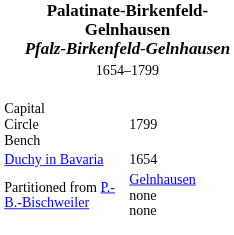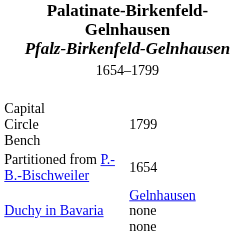 <table align="right" class="toccolours">
 <tr>
 <td colspan=2 align="center"><big><strong>Palatinate-Birkenfeld-Gelnhausen<br><em>Pfalz-Birkenfeld-Gelnhausen<strong><em></big></td>
 </tr>
 <tr>
 <td colspan=2 align="center"></strong>1654–1799<strong></td>
 </tr>
 <tr>
 <td><br></td>
 </tr>
 <tr>
 <td width=138px></strong>Capital<br>Circle<br>Bench<strong></td>
 <td>1799</td>
 </tr>
 <tr>
-<td><a href='#'>Duchy in Bavaria</a></td>
+<td>Partitioned from <a href='#'>P.-B.-Bischweiler</a></td>
 <td>1654</td>
 </tr>
 <tr>
-<td>Partitioned from <a href='#'>P.-B.-Bischweiler</a></td>
+<td><a href='#'>Duchy in Bavaria</a></td>
 <td width=138px><a href='#'>Gelnhausen</a><br>none<br>none</td>
 </tr>
 <tr>
 </tr>
 </table>
